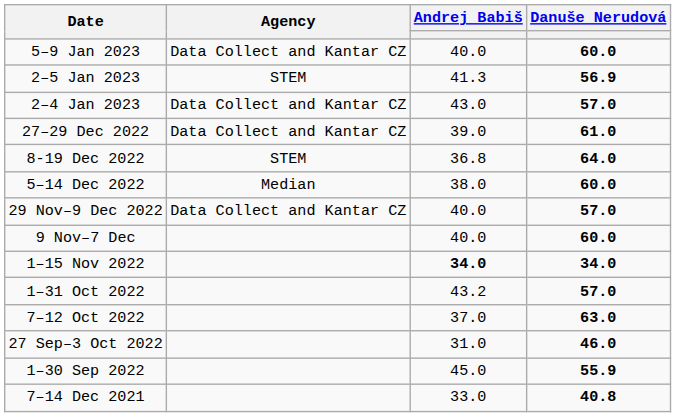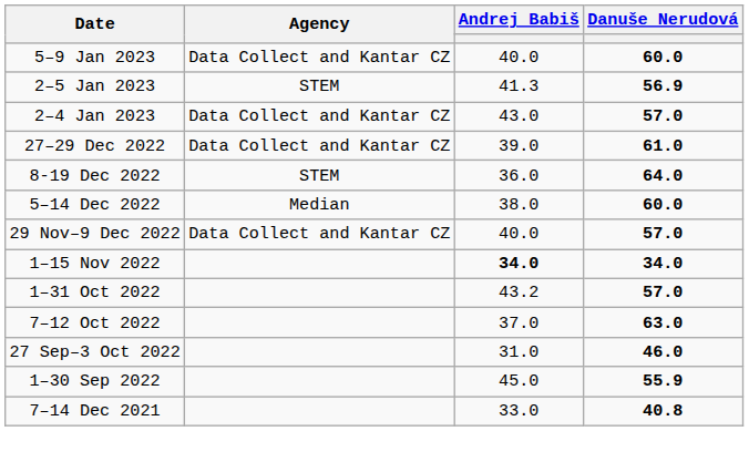 <table class="wikitable" style=text-align:center;font-size:85%;line-height:14px;">
 <tr>
 <th rowspan="2">Date</th>
 <th rowspan="2">Agency</th>
 <th><a href='#'>Andrej Babiš</a></th>
 <th><a href='#'>Danuše Nerudová</a></th>
 </tr>
 <tr>
 <th style="background:"></th>
 <th style="background:"></th>
 </tr>
 <tr>
 <td>5–9 Jan 2023</td>
 <td>Data Collect and Kantar CZ</td>
 <td>40.0</td>
 <td><strong>60.0</strong></td>
 </tr>
 <tr>
 <td>2–5 Jan 2023</td>
 <td>STEM</td>
 <td>41.3</td>
 <td><strong>56.9</strong></td>
 </tr>
 <tr>
 <td>2–4 Jan 2023</td>
 <td>Data Collect and Kantar CZ</td>
 <td>43.0</td>
 <td><strong>57.0</strong></td>
 </tr>
 <tr>
 <td>27–29 Dec 2022</td>
 <td>Data Collect and Kantar CZ</td>
 <td>39.0</td>
 <td><strong>61.0</strong></td>
 </tr>
 <tr>
 <td>8-19 Dec 2022</td>
 <td>STEM</td>
-<td>36.8</td>
+<td>36.0</td>
 <td><strong>64.0</strong></td>
 </tr>
 <tr>
 <td>5–14 Dec 2022</td>
 <td>Median</td>
 <td>38.0</td>
 <td><strong>60.0</strong></td>
 </tr>
 <tr>
 <td>29 Nov–9 Dec 2022</td>
 <td>Data Collect and Kantar CZ</td>
 <td>40.0</td>
 <td><strong>57.0</strong></td>
-</tr>
-<tr>
-<td>9 Nov–7 Dec</td>
-<td></td>
-<td>40.0</td>
-<td><strong>60.0</strong></td>
 </tr>
 <tr>
 <td>1–15 Nov 2022</td>
 <td></td>
 <td><strong>34.0</strong></td>
 <td><strong>34.0</strong></td>
 </tr>
 <tr>
 <td>1–31 Oct 2022</td>
 <td></td>
 <td>43.2</td>
 <td><strong>57.0</strong></td>
 </tr>
 <tr>
 <td>7–12 Oct 2022</td>
 <td></td>
 <td>37.0</td>
 <td><strong>63.0</strong></td>
 </tr>
 <tr>
 <td>27 Sep–3 Oct 2022</td>
 <td></td>
 <td>31.0</td>
 <td><strong>46.0</strong></td>
 </tr>
 <tr>
 <td>1–30 Sep 2022</td>
 <td></td>
 <td>45.0</td>
 <td><strong>55.9</strong></td>
 </tr>
 <tr>
 <td>7–14 Dec 2021</td>
 <td></td>
 <td>33.0</td>
 <td><strong>40.8</strong></td>
 </tr>
 </table>
